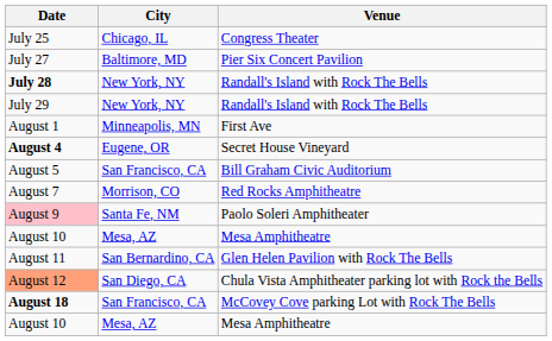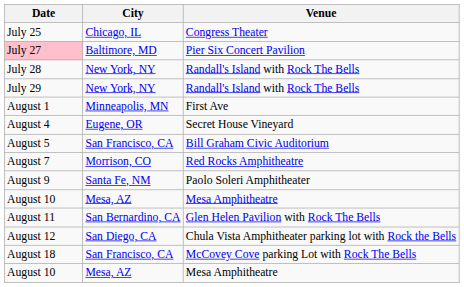 <table class="wikitable">
 <tr>
 <th width=100px>Date</th>
 <th colspan=12>City</th>
 <th colspan=12>Venue</th>
 </tr>
 <tr>
 <td>July 25</td>
 <td colspan=12><a href='#'>Chicago, IL</a></td>
 <td colspan=12><a href='#'>Congress Theater</a></td>
 </tr>
 <tr>
-<td>July 27</td>
+<td style="background: pink;">July 27</td>
 <td colspan=12><a href='#'>Baltimore, MD</a></td>
 <td colspan=12><a href='#'>Pier Six Concert Pavilion</a></td>
 </tr>
 <tr>
-<td><strong>July 28</strong></td>
+<td>July 28</td>
 <td colspan=12><a href='#'>New York, NY</a></td>
 <td colspan=12><a href='#'>Randall's Island</a> with <a href='#'>Rock The Bells</a></td>
 </tr>
 <tr>
 <td>July 29</td>
 <td colspan=12><a href='#'>New York, NY</a></td>
 <td colspan=12><a href='#'>Randall's Island</a> with <a href='#'>Rock The Bells</a></td>
 </tr>
 <tr>
 <td>August 1</td>
 <td colspan=12><a href='#'>Minneapolis, MN</a></td>
 <td colspan=12>First Ave</td>
 </tr>
 <tr>
-<td><strong>August 4</strong></td>
+<td>August 4</td>
 <td colspan=12><a href='#'>Eugene, OR</a></td>
 <td colspan=12>Secret House Vineyard</td>
 </tr>
 <tr>
 <td>August 5</td>
 <td colspan=12><a href='#'>San Francisco, CA</a></td>
 <td colspan=12><a href='#'>Bill Graham Civic Auditorium</a></td>
 </tr>
 <tr>
 <td>August 7</td>
 <td colspan=12><a href='#'>Morrison, CO</a></td>
 <td colspan=12><a href='#'>Red Rocks Amphitheatre</a></td>
 </tr>
 <tr>
-<td style="background: pink;">August 9</td>
+<td>August 9</td>
 <td colspan=12><a href='#'>Santa Fe, NM</a></td>
 <td colspan=12>Paolo Soleri Amphitheater</td>
 </tr>
 <tr>
 <td>August 10</td>
 <td colspan=12><a href='#'>Mesa, AZ</a></td>
 <td colspan=12><a href='#'>Mesa Amphitheatre</a></td>
 </tr>
 <tr>
 <td>August 11</td>
 <td colspan=12><a href='#'>San Bernardino, CA</a></td>
 <td colspan=12><a href='#'>Glen Helen Pavilion</a> with <a href='#'>Rock The Bells</a></td>
 </tr>
 <tr>
-<td style="background: lightsalmon;">August 12</td>
+<td>August 12</td>
 <td colspan=12><a href='#'>San Diego, CA</a></td>
 <td colspan=12>Chula Vista Amphitheater parking lot with <a href='#'>Rock the Bells</a></td>
 </tr>
 <tr>
-<td><strong>August 18</strong></td>
+<td>August 18</td>
 <td colspan=12><a href='#'>San Francisco, CA</a></td>
 <td colspan=12><a href='#'>McCovey Cove</a> parking Lot with <a href='#'>Rock The Bells</a></td>
 </tr>
 <tr>
 <td>August 10</td>
 <td colspan=12><a href='#'>Mesa, AZ</a></td>
 <td colspan=12>Mesa Amphitheatre</td>
 </tr>
 </table>
